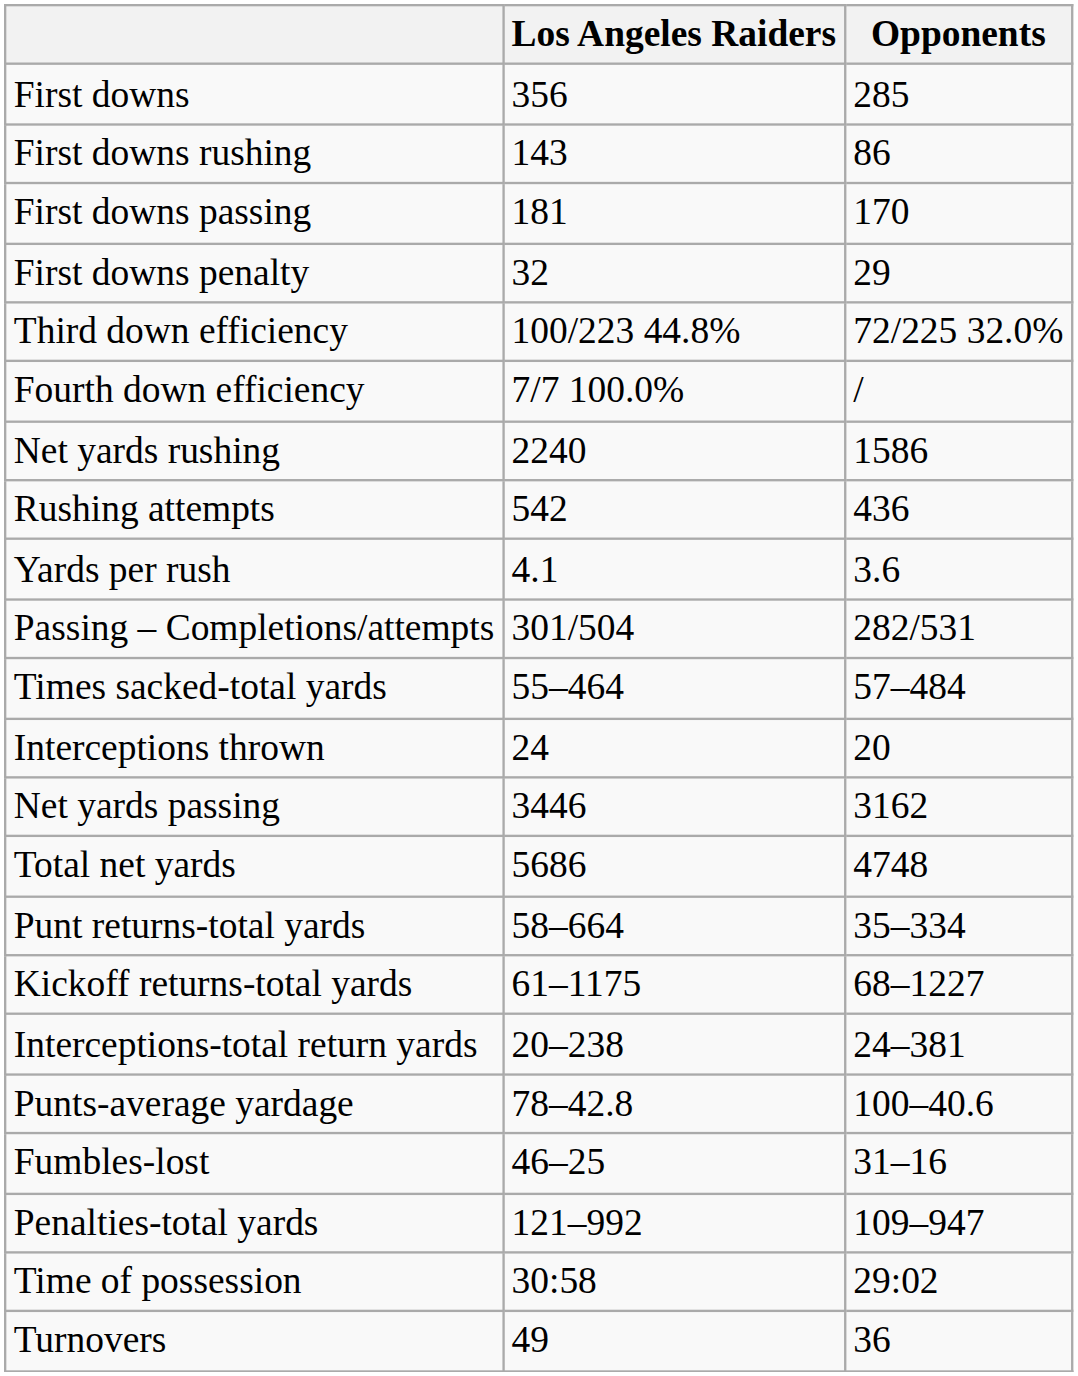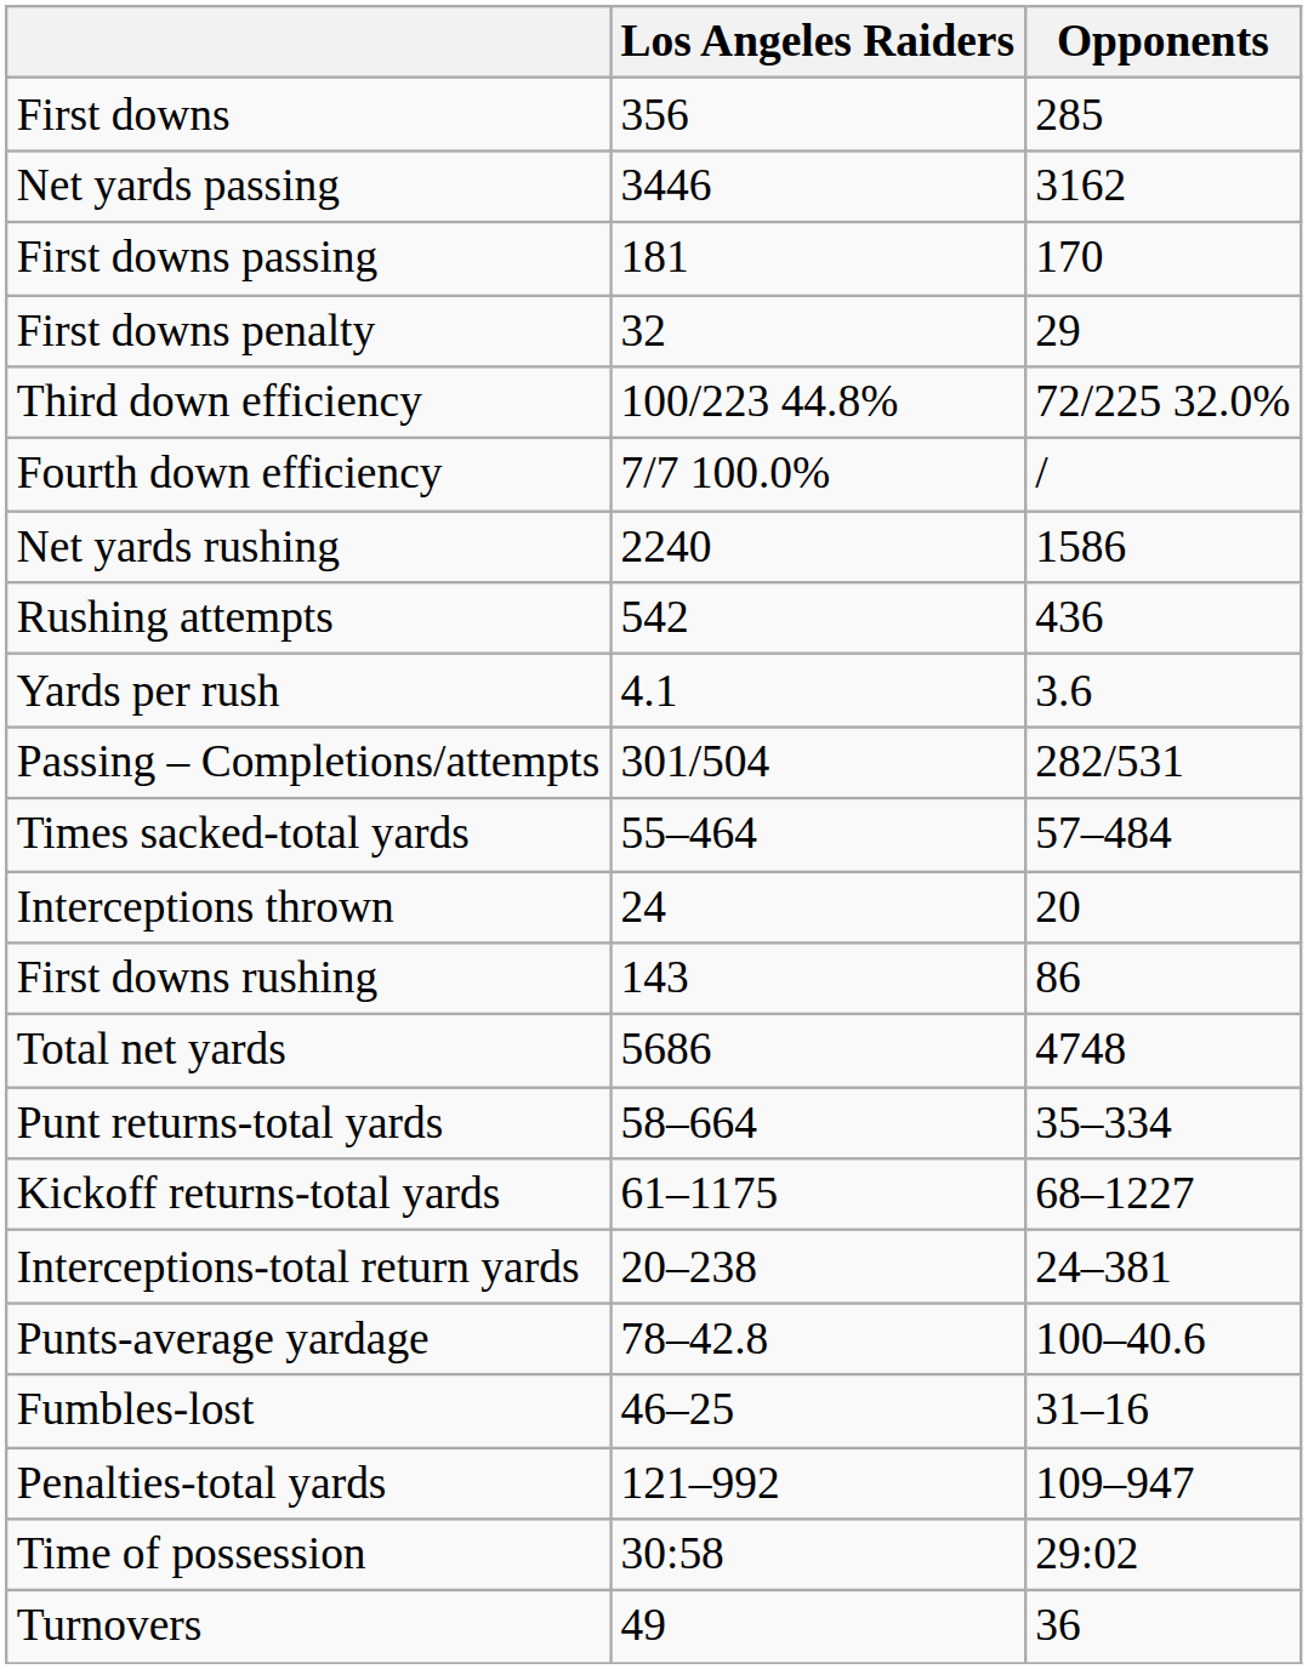 <table class="wikitable">
 <tr>
 <th></th>
 <th>Los Angeles Raiders</th>
 <th>Opponents</th>
 </tr>
 <tr>
 <td>First downs</td>
 <td>356</td>
 <td>285</td>
 </tr>
 <tr>
-<td>First downs rushing</td>
-<td>143</td>
-<td>86</td>
+<td>Net yards passing</td>
+<td>3446</td>
+<td>3162</td>
 </tr>
 <tr>
 <td>First downs passing</td>
 <td>181</td>
 <td>170</td>
 </tr>
 <tr>
 <td>First downs penalty</td>
 <td>32</td>
 <td>29</td>
 </tr>
 <tr>
 <td>Third down efficiency</td>
 <td>100/223 44.8%</td>
 <td>72/225 32.0%</td>
 </tr>
 <tr>
 <td>Fourth down efficiency</td>
 <td>7/7 100.0%</td>
 <td>/</td>
 </tr>
 <tr>
 <td>Net yards rushing</td>
 <td>2240</td>
 <td>1586</td>
 </tr>
 <tr>
 <td>Rushing attempts</td>
 <td>542</td>
 <td>436</td>
 </tr>
 <tr>
 <td>Yards per rush</td>
 <td>4.1</td>
 <td>3.6</td>
 </tr>
 <tr>
 <td>Passing – Completions/attempts</td>
 <td>301/504</td>
 <td>282/531</td>
 </tr>
 <tr>
 <td>Times sacked-total yards</td>
 <td>55–464</td>
 <td>57–484</td>
 </tr>
 <tr>
 <td>Interceptions thrown</td>
 <td>24</td>
 <td>20</td>
 </tr>
 <tr>
-<td>Net yards passing</td>
-<td>3446</td>
-<td>3162</td>
+<td>First downs rushing</td>
+<td>143</td>
+<td>86</td>
 </tr>
 <tr>
 <td>Total net yards</td>
 <td>5686</td>
 <td>4748</td>
 </tr>
 <tr>
 <td>Punt returns-total yards</td>
 <td>58–664</td>
 <td>35–334</td>
 </tr>
 <tr>
 <td>Kickoff returns-total yards</td>
 <td>61–1175</td>
 <td>68–1227</td>
 </tr>
 <tr>
 <td>Interceptions-total return yards</td>
 <td>20–238</td>
 <td>24–381</td>
 </tr>
 <tr>
 <td>Punts-average yardage</td>
 <td>78–42.8</td>
 <td>100–40.6</td>
 </tr>
 <tr>
 <td>Fumbles-lost</td>
 <td>46–25</td>
 <td>31–16</td>
 </tr>
 <tr>
 <td>Penalties-total yards</td>
 <td>121–992</td>
 <td>109–947</td>
 </tr>
 <tr>
 <td>Time of possession</td>
 <td>30:58</td>
 <td>29:02</td>
 </tr>
 <tr>
 <td>Turnovers</td>
 <td>49</td>
 <td>36</td>
 </tr>
 <tr>
 </tr>
 </table>
